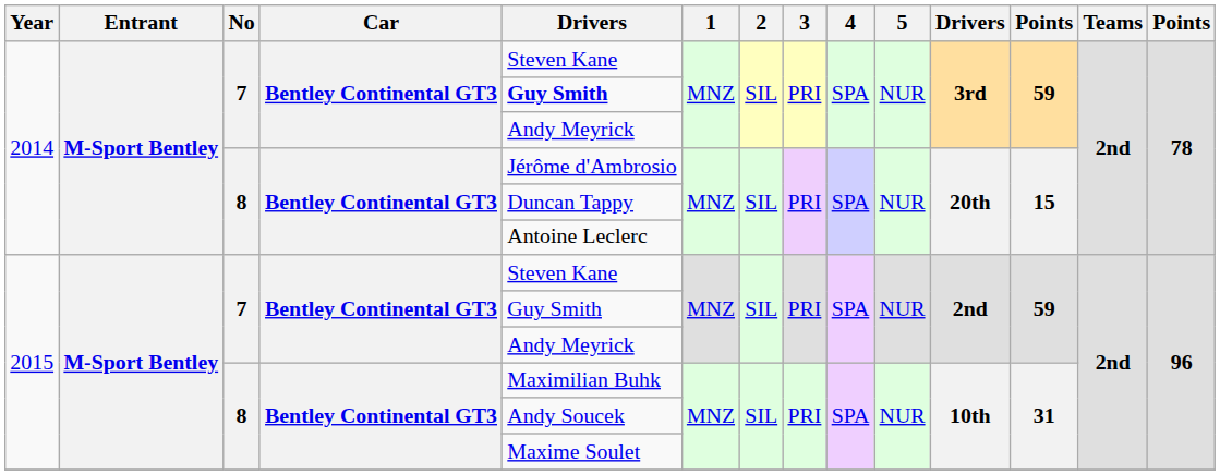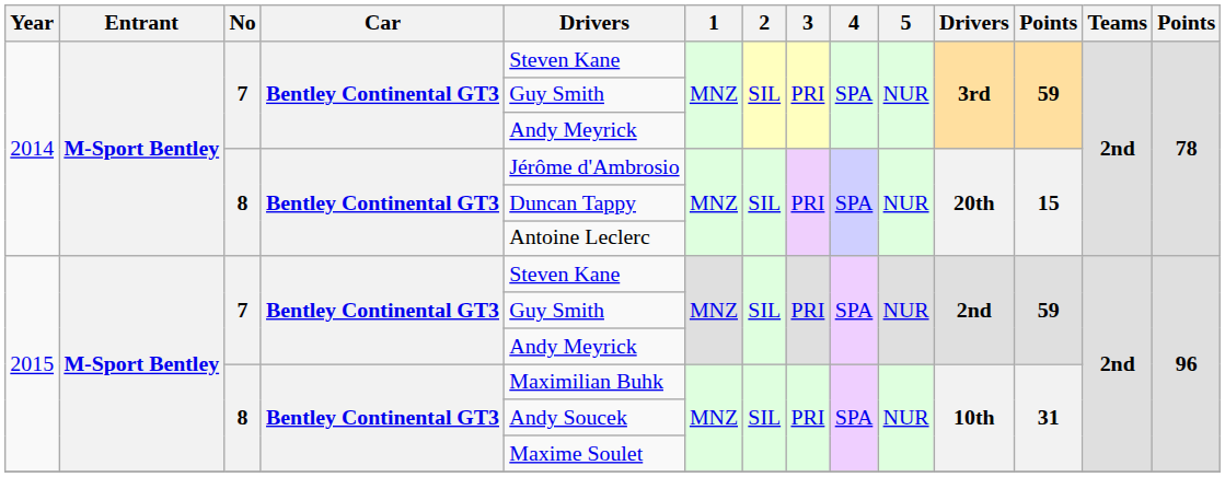 <table class="wikitable" border="1" style="text-align:center; font-size:90%;">
 <tr>
 <th>Year</th>
 <th>Entrant</th>
 <th>No</th>
 <th>Car</th>
 <th>Drivers</th>
 <th>1</th>
 <th>2</th>
 <th>3</th>
 <th>4</th>
 <th>5</th>
 <th>Drivers</th>
 <th>Points</th>
 <th>Teams</th>
 <th>Points</th>
 </tr>
 <tr>
 <td rowspan="6"><a href='#'>2014</a></td>
 <th rowspan="6"><a href='#'>M-Sport Bentley</a></th>
 <th rowspan="3">7</th>
 <th rowspan="3"><a href='#'>Bentley Continental GT3</a></th>
 <td align=left> <a href='#'>Steven Kane</a></td>
 <td rowspan="3" style="background:#DFFFDF;"><a href='#'>MNZ</a><br></td>
 <td rowspan="3" style="background:#FFFFBF;"><a href='#'>SIL</a><br></td>
 <td rowspan="3" style="background:#FFFFBF;"><a href='#'>PRI</a><br></td>
 <td rowspan="3" style="background:#DFFFDF;"><a href='#'>SPA</a><br></td>
 <td rowspan="3" style="background:#DFFFDF;"><a href='#'>NUR</a><br></td>
 <td rowspan="3" style="background:#FFDF9F;"><strong>3rd</strong></td>
 <td rowspan="3" style="background:#FFDF9F;"><strong>59</strong></td>
 <td rowspan="6" style="background:#DFDFDF;"><strong>2nd</strong></td>
 <td rowspan="6" style="background:#DFDFDF;"><strong>78</strong></td>
 </tr>
 <tr>
-<td align=left><strong> <a href='#'>Guy Smith</a></strong></td>
+<td align=left> <a href='#'>Guy Smith</a></td>
 </tr>
 <tr>
 <td align=left> <a href='#'>Andy Meyrick</a></td>
 </tr>
 <tr>
 <th rowspan="3">8</th>
 <th rowspan="3"><a href='#'>Bentley Continental GT3</a></th>
 <td align=left> <a href='#'>Jérôme d'Ambrosio</a></td>
 <td rowspan="3" style="background:#DFFFDF;"><a href='#'>MNZ</a><br></td>
 <td rowspan="3" style="background:#DFFFDF;"><a href='#'>SIL</a><br></td>
 <td rowspan="3" style="background:#EFCFFD;"><a href='#'>PRI</a><br></td>
 <td rowspan="3" style="background:#CFCFFF;"><a href='#'>SPA</a><br></td>
 <td rowspan="3" style="background:#DFFFDF;"><a href='#'>NUR</a><br></td>
 <th rowspan="3">20th</th>
 <th rowspan="3">15</th>
 </tr>
 <tr>
 <td align=left> <a href='#'>Duncan Tappy</a></td>
 </tr>
 <tr>
 <td align=left> Antoine Leclerc</td>
 </tr>
 <tr>
 <td rowspan="6"><a href='#'>2015</a></td>
 <th rowspan="6"><a href='#'>M-Sport Bentley</a></th>
 <th rowspan="3">7</th>
 <th rowspan="3"><a href='#'>Bentley Continental GT3</a></th>
 <td align=left> <a href='#'>Steven Kane</a></td>
 <td rowspan="3" style="background:#DFDFDF;"><a href='#'>MNZ</a><br></td>
 <td rowspan="3" style="background:#DFFFDF;"><a href='#'>SIL</a><br></td>
 <td rowspan="3" style="background:#DFDFDF;"><a href='#'>PRI</a><br></td>
 <td rowspan="3" style="background:#EFCFFF;"><a href='#'>SPA</a><br></td>
 <td rowspan="3" style="background:#DFDFDF;"><a href='#'>NUR</a><br></td>
 <td rowspan="3" style="background:#DFDFDF;"><strong>2nd</strong></td>
 <td rowspan="3" style="background:#DFDFDF;"><strong>59</strong></td>
 <td rowspan="6" style="background:#DFDFDF;"><strong>2nd</strong></td>
 <td rowspan="6" style="background:#DFDFDF;"><strong>96</strong></td>
 </tr>
 <tr>
 <td align=left> <a href='#'>Guy Smith</a></td>
 </tr>
 <tr>
 <td align=left> <a href='#'>Andy Meyrick</a></td>
 </tr>
 <tr>
 <th rowspan="3">8</th>
 <th rowspan="3"><a href='#'>Bentley Continental GT3</a></th>
 <td align=left> <a href='#'>Maximilian Buhk</a></td>
 <td rowspan="3" style="background:#DFFFDF;"><a href='#'>MNZ</a><br></td>
 <td rowspan="3" style="background:#DFFFDF;"><a href='#'>SIL</a><br></td>
 <td rowspan="3" style="background:#DFFFDF;"><a href='#'>PRI</a><br></td>
 <td rowspan="3" style="background:#EFCFFF;"><a href='#'>SPA</a><br></td>
 <td rowspan="3" style="background:#DFFFDF;"><a href='#'>NUR</a><br></td>
 <th rowspan="3">10th</th>
 <th rowspan="3">31</th>
 </tr>
 <tr>
 <td align=left> <a href='#'>Andy Soucek</a></td>
 </tr>
 <tr>
 <td align=left> <a href='#'>Maxime Soulet</a></td>
 </tr>
 <tr>
 </tr>
 </table>
